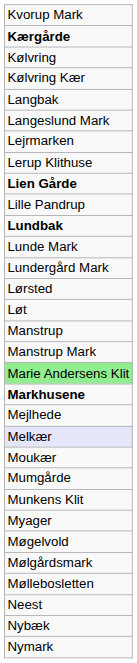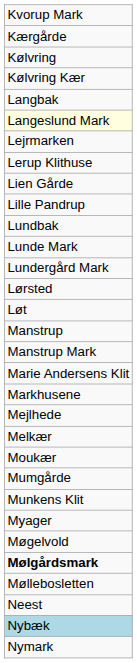 <table class="wikitable" style="float:left; margin-right:1em">
 <tr>
 <td>Kvorup Mark</td>
 </tr>
 <tr>
-<td><strong>Kærgårde</strong></td>
+<td>Kærgårde</td>
 </tr>
 <tr>
 <td>Kølvring</td>
 </tr>
 <tr>
 <td>Kølvring Kær</td>
 </tr>
 <tr>
 <td>Langbak</td>
 </tr>
 <tr>
-<td>Langeslund Mark</td>
+<td style="background: lightyellow;">Langeslund Mark</td>
 </tr>
 <tr>
 <td>Lejrmarken</td>
 </tr>
 <tr>
 <td>Lerup Klithuse</td>
 </tr>
 <tr>
-<td><strong>Lien Gårde</strong></td>
+<td>Lien Gårde</td>
 </tr>
 <tr>
 <td>Lille Pandrup</td>
 </tr>
 <tr>
-<td><strong>Lundbak</strong></td>
+<td>Lundbak</td>
 </tr>
 <tr>
 <td>Lunde Mark</td>
 </tr>
 <tr>
 <td>Lundergård Mark</td>
 </tr>
 <tr>
 <td>Lørsted</td>
 </tr>
 <tr>
 <td>Løt</td>
 </tr>
 <tr>
 <td>Manstrup</td>
 </tr>
 <tr>
 <td>Manstrup Mark</td>
 </tr>
 <tr>
-<td style="background: lightgreen;">Marie Andersens Klit</td>
+<td>Marie Andersens Klit</td>
 </tr>
 <tr>
-<td><strong>Markhusene</strong></td>
+<td>Markhusene</td>
 </tr>
 <tr>
 <td>Mejlhede</td>
 </tr>
 <tr>
-<td style="background: lavender;">Melkær</td>
+<td>Melkær</td>
 </tr>
 <tr>
 <td>Moukær</td>
 </tr>
 <tr>
 <td>Mumgårde</td>
 </tr>
 <tr>
 <td>Munkens Klit</td>
 </tr>
 <tr>
 <td>Myager</td>
 </tr>
 <tr>
 <td>Møgelvold</td>
 </tr>
 <tr>
-<td>Mølgårdsmark</td>
+<td><strong>Mølgårdsmark</strong></td>
 </tr>
 <tr>
 <td>Møllebosletten</td>
 </tr>
 <tr>
 <td>Neest</td>
 </tr>
 <tr>
-<td>Nybæk</td>
+<td style="background: lightblue;">Nybæk</td>
 </tr>
 <tr>
 <td>Nymark</td>
 </tr>
 </table>
